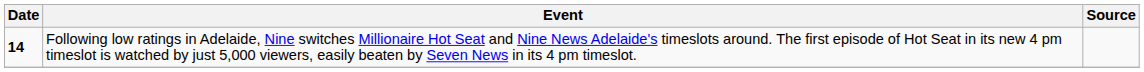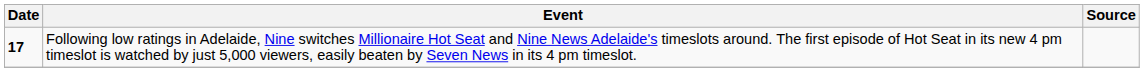 <table class="wikitable">
 <tr>
 <th>Date</th>
 <th>Event</th>
 <th>Source</th>
 </tr>
 <tr>
-<td><strong>14</strong></td>
+<td><strong>17</strong></td>
 <td>Following low ratings in Adelaide, <a href='#'>Nine</a> switches <a href='#'>Millionaire Hot Seat</a> and <a href='#'>Nine News Adelaide's</a> timeslots around. The first episode of Hot Seat in its new 4 pm timeslot is watched by just 5,000 viewers, easily beaten by <a href='#'>Seven News</a> in its 4 pm timeslot.</td>
 <td></td>
 </tr>
 <tr>
 </tr>
 </table>
